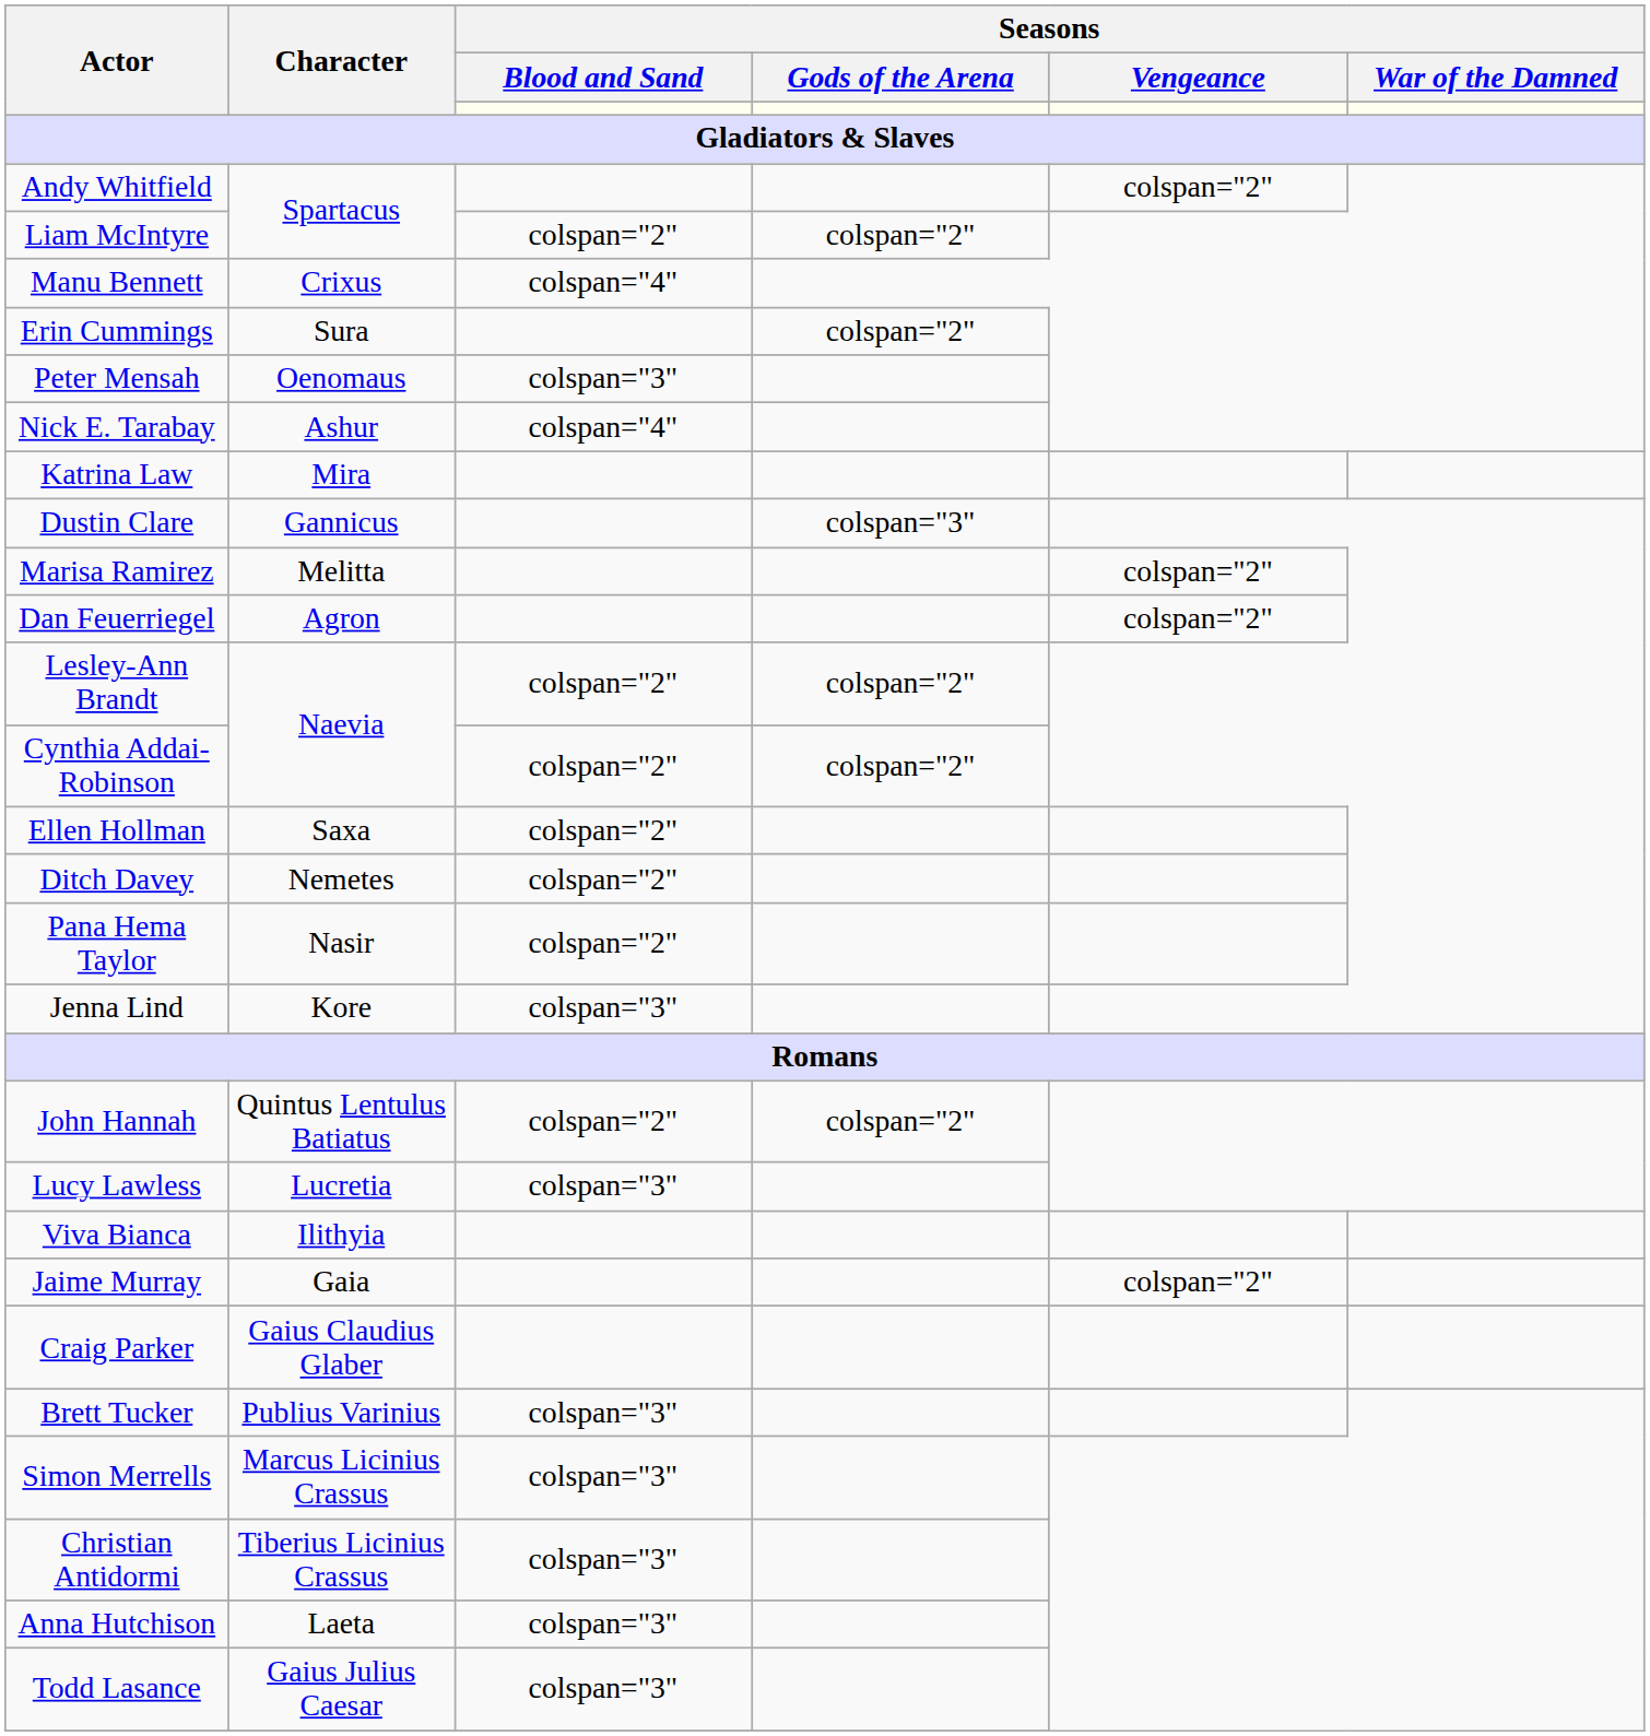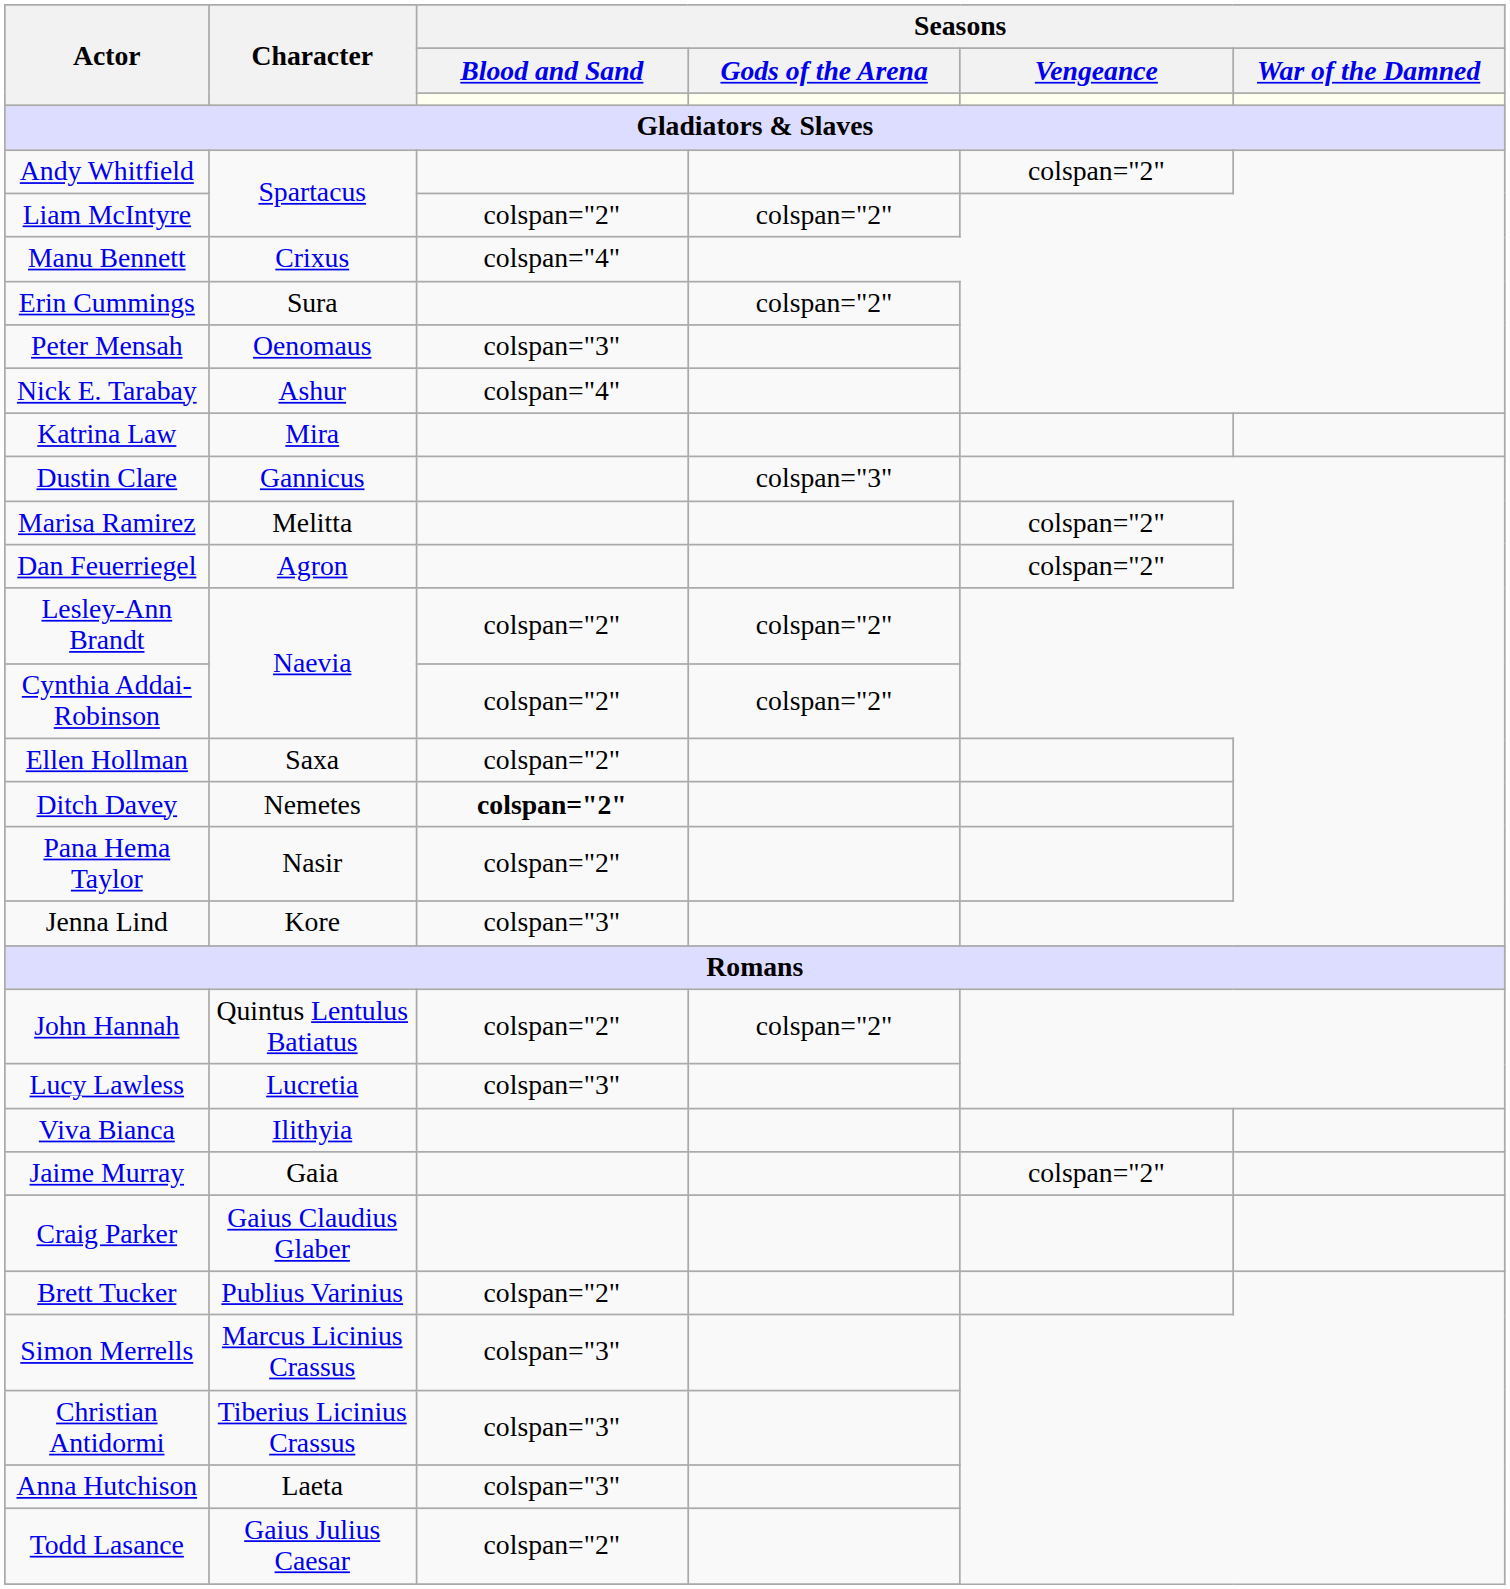 <table class="wikitable plainrowheaders" style="text-align:center;">
 <tr>
 <th scope="col" rowspan="3">Actor</th>
 <th scope="col" rowspan="3">Character</th>
 <th scope="col" colspan="6">Seasons</th>
 </tr>
 <tr>
 <th style="width: 150px;"><em><a href='#'>Blood and Sand</a></em></th>
 <th style="width: 150px;"><em><a href='#'>Gods of the Arena</a></em></th>
 <th style="width: 150px;"><em><a href='#'>Vengeance</a></em></th>
 <th style="width: 150px;"><em><a href='#'>War of the Damned</a></em></th>
 </tr>
 <tr>
 <th style="background:ivory;"></th>
 <th style="background:ivory;"></th>
 <th style="background:ivory;"></th>
 <th style="background:ivory;"></th>
 </tr>
 <tr>
 <th colspan="9" style="background-color:#ddf;">Gladiators & Slaves</th>
 </tr>
 <tr>
 <td style="text-align:center;"><a href='#'>Andy Whitfield</a></td>
 <td style="text-align:center;" rowspan="2"><a href='#'>Spartacus</a></td>
 <td></td>
 <td></td>
 <td>colspan="2" </td>
 </tr>
 <tr>
 <td style="text-align:center;"><a href='#'>Liam McIntyre</a></td>
 <td>colspan="2" </td>
 <td>colspan="2" </td>
 </tr>
 <tr>
 <td style="text-align:center;"><a href='#'>Manu Bennett</a></td>
 <td style="text-align:center;"><a href='#'>Crixus</a></td>
 <td>colspan="4" </td>
 </tr>
 <tr>
 <td style="text-align:center;"><a href='#'>Erin Cummings</a></td>
 <td style="text-align:center;">Sura</td>
 <td></td>
 <td>colspan="2" </td>
 </tr>
 <tr>
 <td style="text-align:center;"><a href='#'>Peter Mensah</a></td>
 <td style="text-align:center;"><a href='#'>Oenomaus</a></td>
 <td>colspan="3" </td>
 <td></td>
 </tr>
 <tr>
 <td style="text-align:center;"><a href='#'>Nick E. Tarabay</a></td>
 <td style="text-align:center;"><a href='#'>Ashur</a></td>
 <td>colspan="4" </td>
 <td></td>
 </tr>
 <tr>
 <td style="text-align:center;"><a href='#'>Katrina Law</a></td>
 <td style="text-align:center;"><a href='#'>Mira</a></td>
 <td></td>
 <td></td>
 <td></td>
 <td></td>
 </tr>
 <tr>
 <td style="text-align:center;"><a href='#'>Dustin Clare</a></td>
 <td style="text-align:center;"><a href='#'>Gannicus</a></td>
 <td></td>
 <td>colspan="3" </td>
 </tr>
 <tr>
 <td style="text-align:center;"><a href='#'>Marisa Ramirez</a></td>
 <td style="text-align:center;">Melitta</td>
 <td></td>
 <td></td>
 <td>colspan="2" </td>
 </tr>
 <tr>
 <td style="text-align:center;"><a href='#'>Dan Feuerriegel</a></td>
 <td style="text-align:center;"><a href='#'>Agron</a></td>
 <td></td>
 <td></td>
 <td>colspan="2" </td>
 </tr>
 <tr>
 <td style="text-align:center;"><a href='#'>Lesley-Ann Brandt</a></td>
 <td style="text-align:center;" rowspan="2"><a href='#'>Naevia</a></td>
 <td>colspan="2" </td>
 <td>colspan="2" </td>
 </tr>
 <tr>
 <td style="text-align:center;"><a href='#'>Cynthia Addai-Robinson</a></td>
 <td>colspan="2" </td>
 <td>colspan="2" </td>
 </tr>
 <tr>
 <td style="text-align:center;"><a href='#'>Ellen Hollman</a></td>
 <td style="text-align:center;">Saxa</td>
 <td>colspan="2" </td>
 <td></td>
 <td></td>
 </tr>
 <tr>
 <td style="text-align:center;"><a href='#'>Ditch Davey</a></td>
 <td style="text-align:center;">Nemetes</td>
-<td>colspan="2" </td>
+<td><strong>colspan="2" </strong></td>
 <td></td>
 <td></td>
 </tr>
 <tr>
 <td style="text-align:center;"><a href='#'>Pana Hema Taylor</a></td>
 <td style="text-align:center;">Nasir</td>
 <td>colspan="2" </td>
 <td></td>
 <td></td>
 </tr>
 <tr>
 <td style="text-align:center;">Jenna Lind</td>
 <td style="text-align:center;">Kore</td>
 <td>colspan="3" </td>
 <td></td>
 </tr>
 <tr>
 <th colspan="9" style="background-color:#ddf;">Romans</th>
 </tr>
 <tr>
 <td style="text-align:center;"><a href='#'>John Hannah</a></td>
 <td style="text-align:center;">Quintus <a href='#'>Lentulus Batiatus</a></td>
 <td>colspan="2" </td>
 <td>colspan="2" </td>
 </tr>
 <tr>
 <td style="text-align:center;"><a href='#'>Lucy Lawless</a></td>
 <td style="text-align:center;"><a href='#'>Lucretia</a></td>
 <td>colspan="3" </td>
 <td></td>
 </tr>
 <tr>
 <td style="text-align:center;"><a href='#'>Viva Bianca</a></td>
 <td style="text-align:center;"><a href='#'>Ilithyia</a></td>
 <td></td>
 <td></td>
 <td></td>
 <td></td>
 </tr>
 <tr>
 <td style="text-align:center;"><a href='#'>Jaime Murray</a></td>
 <td style="text-align:center;">Gaia</td>
 <td></td>
 <td></td>
 <td>colspan="2" </td>
 </tr>
 <tr>
 <td style="text-align:center;"><a href='#'>Craig Parker</a></td>
 <td style="text-align:center;"><a href='#'>Gaius Claudius Glaber</a></td>
 <td></td>
 <td></td>
 <td></td>
 <td></td>
 </tr>
 <tr>
 <td style="text-align:center;"><a href='#'>Brett Tucker</a></td>
 <td style="text-align:center;"><a href='#'>Publius Varinius</a></td>
-<td>colspan="3" </td>
+<td>colspan="2" </td>
 <td></td>
 <td></td>
 </tr>
 <tr>
 <td style="text-align:center;"><a href='#'>Simon Merrells</a></td>
 <td style="text-align:center;"><a href='#'>Marcus Licinius Crassus</a></td>
 <td>colspan="3" </td>
 <td></td>
 </tr>
 <tr>
 <td style="text-align:center;"><a href='#'>Christian Antidormi</a></td>
 <td style="text-align:center;"><a href='#'>Tiberius Licinius Crassus</a></td>
 <td>colspan="3" </td>
 <td></td>
 </tr>
 <tr>
 <td style="text-align:center;"><a href='#'>Anna Hutchison</a></td>
 <td style="text-align:center;">Laeta</td>
 <td>colspan="3" </td>
 <td></td>
 </tr>
 <tr>
 <td style="text-align:center;"><a href='#'>Todd Lasance</a></td>
 <td style="text-align:center;"><a href='#'>Gaius Julius Caesar</a></td>
-<td>colspan="3" </td>
+<td>colspan="2" </td>
 <td></td>
 </tr>
 <tr>
 </tr>
 </table>
